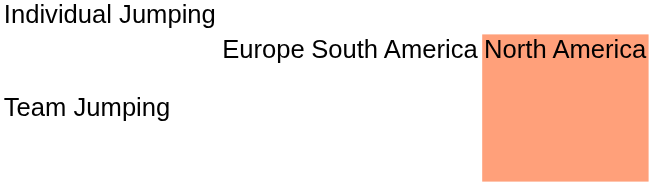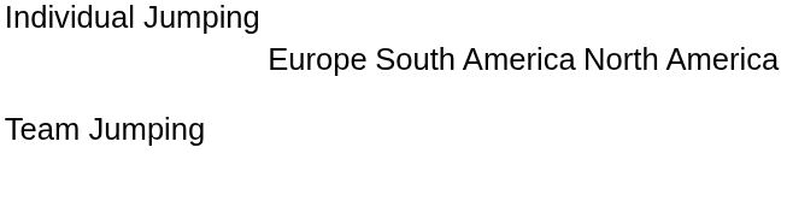 <table>
 <tr>
 <td>Individual Jumping<br></td>
 <td></td>
 <td></td>
 <td></td>
 </tr>
 <tr>
 <td>Team Jumping<br></td>
 <td>Europe<br>  <br>  <br>  <br>  <br> </td>
 <td>South America <br>  <br>  <br>  <br>  <br> </td>
-<td style="background: lightsalmon;">North America <br>  <br>  <br>  <br>  <br> </td>
+<td>North America <br>  <br>  <br>  <br>  <br> </td>
 </tr>
 </table>
